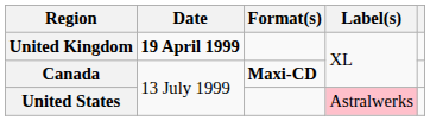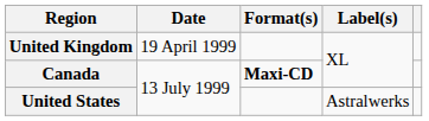 <table class="wikitable plainrowheaders">
 <tr>
 <th scope="col">Region</th>
 <th scope="col">Date</th>
 <th scope="col">Format(s)</th>
 <th scope="col">Label(s)</th>
 <th scope="col"></th>
 </tr>
 <tr>
 <th scope="row">United Kingdom</th>
-<td><strong>19 April 1999</strong></td>
+<td>19 April 1999</td>
 <td></td>
 <td rowspan="2">XL</td>
 <td></td>
 </tr>
 <tr>
 <th scope="row">Canada</th>
 <td rowspan="2">13 July 1999</td>
 <td><strong>Maxi-CD</strong></td>
 <td></td>
 </tr>
 <tr>
 <th scope="row">United States</th>
 <td></td>
-<td style="background: pink;">Astralwerks</td>
+<td>Astralwerks</td>
 <td></td>
 </tr>
 </table>
